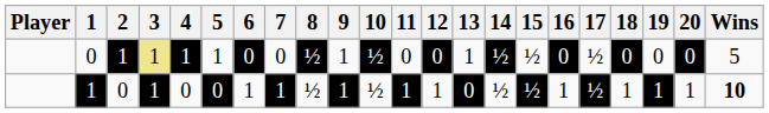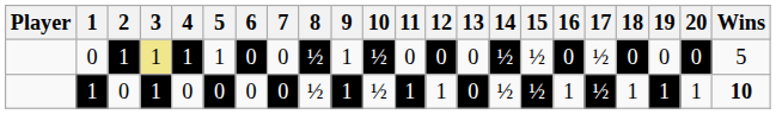 <table class="wikitable" style="text-align:center">
 <tr>
 <th>Player</th>
 <th> 1 </th>
 <th> 2 </th>
 <th> 3 </th>
 <th> 4 </th>
 <th> 5 </th>
 <th> 6 </th>
 <th> 7 </th>
 <th> 8 </th>
 <th> 9 </th>
 <th>10</th>
 <th>11</th>
 <th>12</th>
 <th>13</th>
 <th>14</th>
 <th>15</th>
 <th>16</th>
 <th>17</th>
 <th>18</th>
 <th>19</th>
 <th>20</th>
 <th>Wins</th>
 </tr>
 <tr>
 <td></td>
 <td>0</td>
 <td style="background:black; color:white">1</td>
 <td style="background: khaki;">1</td>
 <td style="background:black; color:white">1</td>
 <td>1</td>
 <td style="background:black; color:white">0</td>
 <td>0</td>
 <td style="background:black; color:white">½</td>
 <td>1</td>
 <td style="background:black; color:white">½</td>
 <td>0</td>
 <td style="background:black; color:white">0</td>
-<td>1</td>
+<td>0</td>
 <td style="background:black; color:white">½</td>
 <td>½</td>
 <td style="background:black; color:white">0</td>
 <td>½</td>
 <td style="background:black; color:white">0</td>
 <td>0</td>
 <td style="background:black; color:white">0</td>
 <td>5</td>
 </tr>
 <tr>
 <td></td>
 <td style="background:black; color:white">1</td>
 <td>0</td>
 <td style="background:black; color:white">1</td>
 <td>0</td>
 <td style="background:black; color:white">0</td>
-<td>1</td>
-<td style="background:black; color:white">1</td>
+<td>0</td>
+<td style="background:black; color:white">0</td>
 <td>½</td>
 <td style="background:black; color:white">1</td>
 <td>½</td>
 <td style="background:black; color:white">1</td>
 <td>1</td>
 <td style="background:black; color:white">0</td>
 <td>½</td>
 <td style="background:black; color:white">½</td>
 <td>1</td>
 <td style="background:black; color:white">½</td>
 <td>1</td>
 <td style="background:black; color:white">1</td>
 <td>1</td>
 <td><strong>10</strong></td>
 </tr>
 </table>
